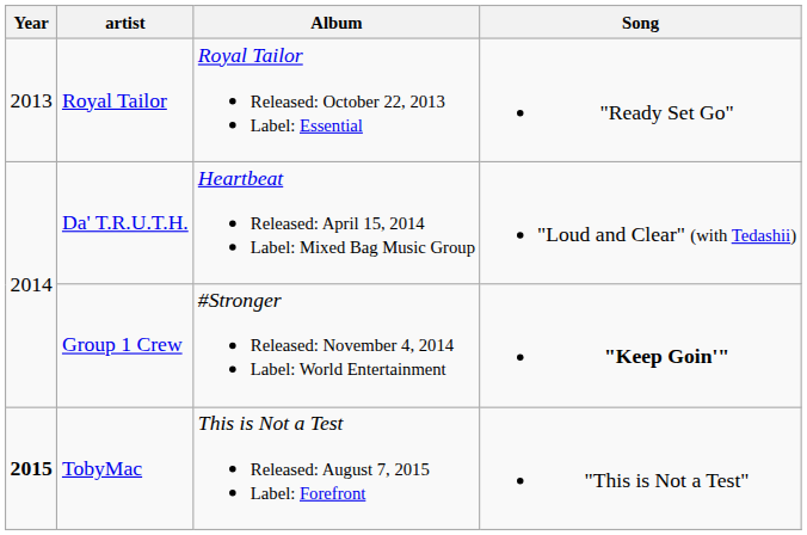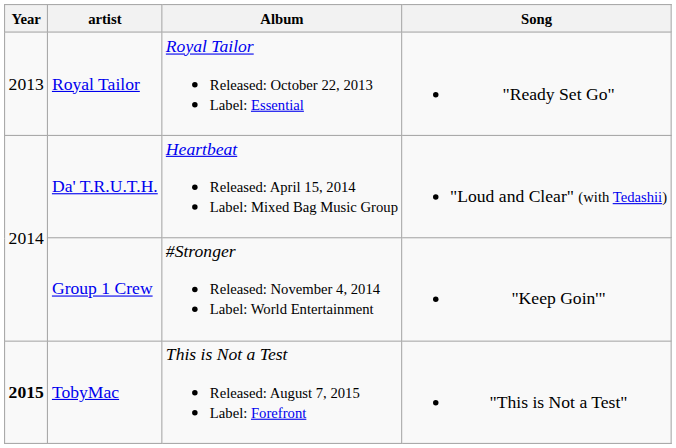 <table class="wikitable">
 <tr>
 <th><small>Year</small></th>
 <th><small>artist</small></th>
 <th><small>Album</small></th>
 <th><small>Song</small></th>
 </tr>
 <tr>
 <td>2013</td>
 <td><a href='#'>Royal Tailor</a></td>
 <td><em><a href='#'>Royal Tailor</a></em><br><ul><li><small>Released: October 22, 2013</small></li><li><small>Label: <a href='#'>Essential</a></small></li></ul></td>
 <td style="text-align:center;"><br><ul><li>"Ready Set Go"</li></ul></td>
 </tr>
 <tr>
 <td rowspan="2">2014</td>
 <td><a href='#'>Da' T.R.U.T.H.</a></td>
 <td><em><a href='#'>Heartbeat</a></em><br><ul><li><small>Released: April 15, 2014</small></li><li><small>Label: Mixed Bag Music Group</small></li></ul></td>
 <td style="text-align:center;"><br><ul><li>"Loud and Clear" <small>(with <a href='#'>Tedashii</a>)</small></li></ul></td>
 </tr>
 <tr>
 <td><a href='#'>Group 1 Crew</a></td>
 <td><em>#Stronger</em><br><ul><li><small>Released: November 4, 2014</small></li><li><small>Label: World Entertainment</small></li></ul></td>
-<td style="text-align:center;"><strong><br><ul><li>"Keep Goin'"</li></ul></strong></td>
+<td style="text-align:center;"><br><ul><li>"Keep Goin'"</li></ul></td>
 </tr>
 <tr>
 <td><strong>2015</strong></td>
 <td><a href='#'>TobyMac</a></td>
 <td><em>This is Not a Test</em><br><ul><li><small>Released: August 7, 2015</small></li><li><small>Label: <a href='#'>Forefront</a></small></li></ul></td>
 <td style="text-align:center;"><br><ul><li>"This is Not a Test"</li></ul></td>
 </tr>
 </table>
